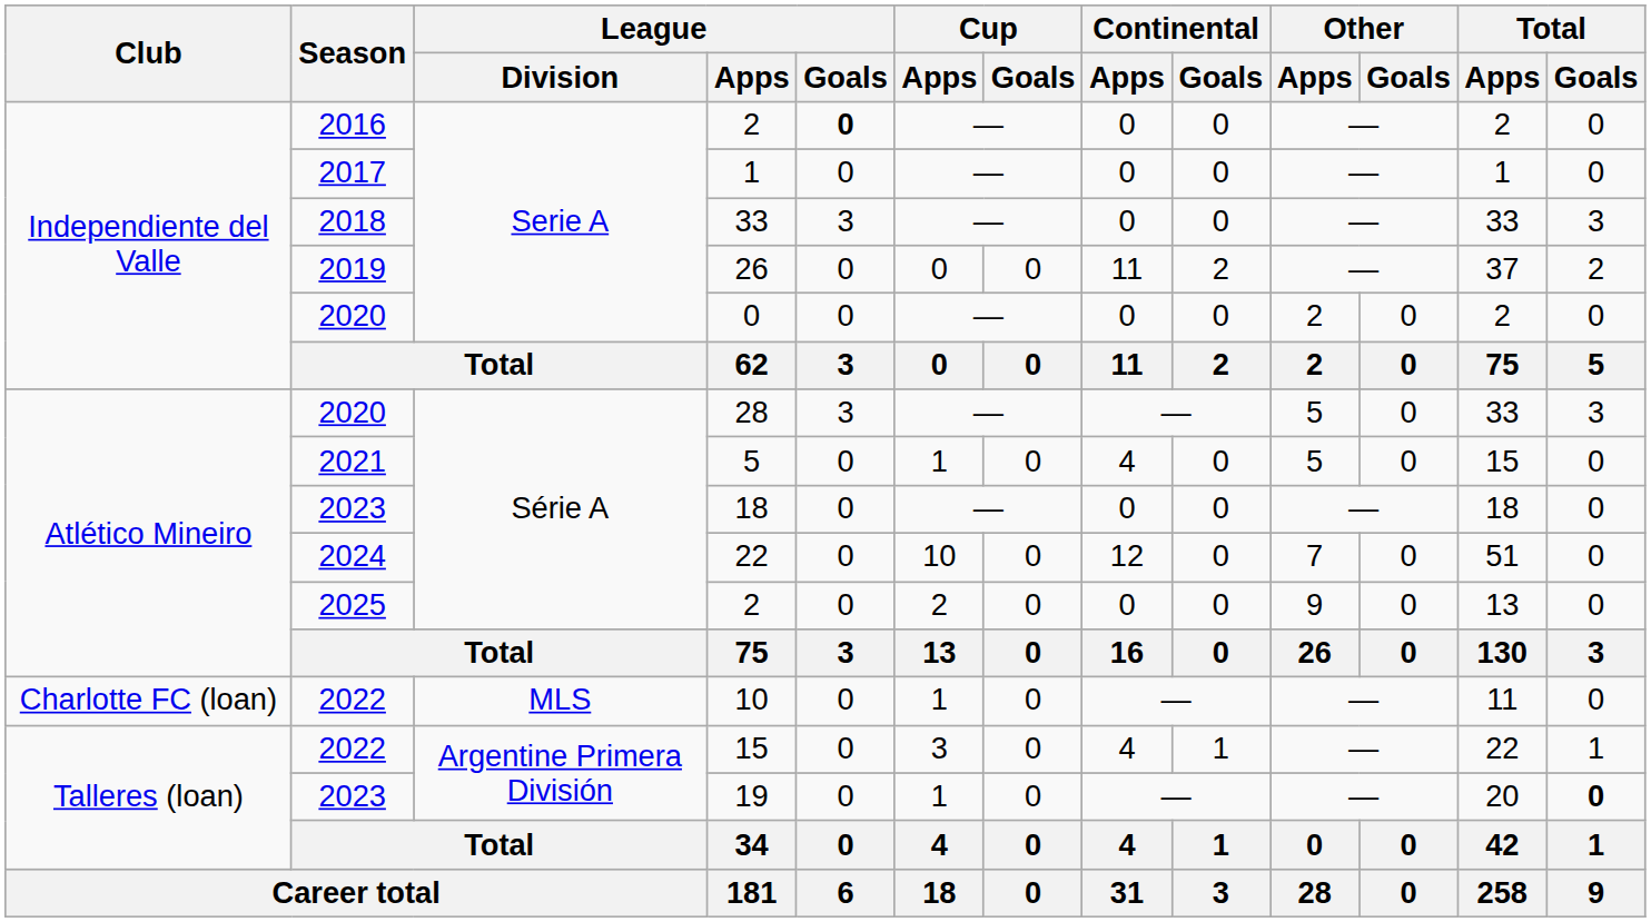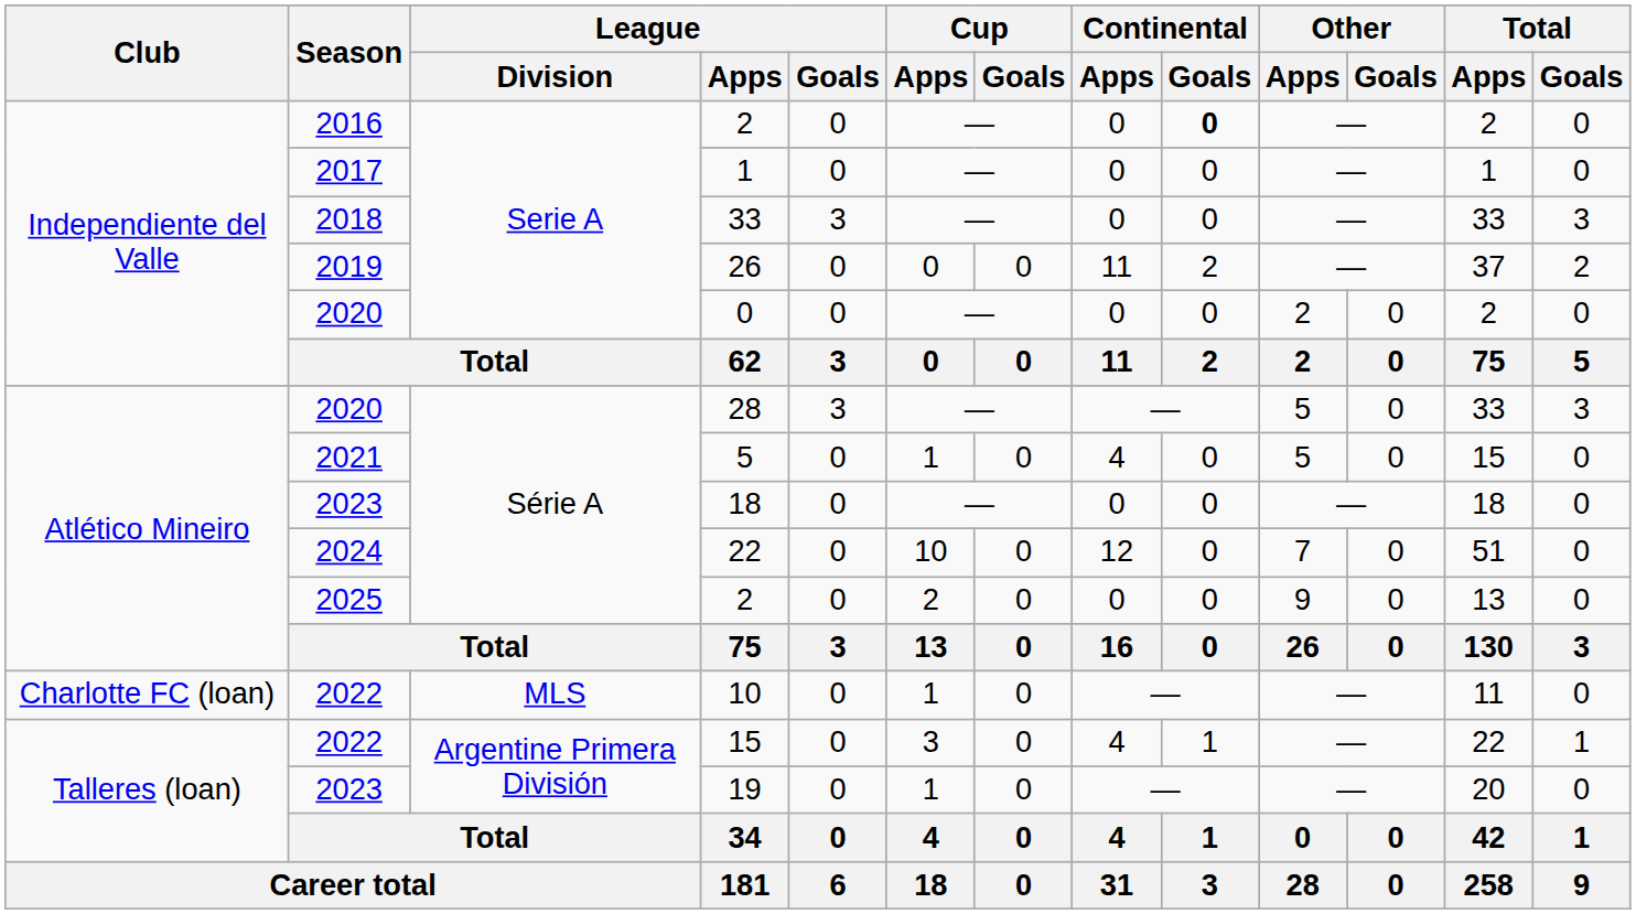 <table class="wikitable" style="text-align:center">
 <tr>
 <th rowspan="2">Club</th>
 <th rowspan="2">Season</th>
 <th colspan="3">League</th>
 <th colspan="2">Cup</th>
 <th colspan="2">Continental</th>
 <th colspan="2">Other</th>
 <th colspan="2">Total</th>
 </tr>
 <tr>
 <th>Division</th>
 <th>Apps</th>
 <th>Goals</th>
 <th>Apps</th>
 <th>Goals</th>
 <th>Apps</th>
 <th>Goals</th>
 <th>Apps</th>
 <th>Goals</th>
 <th>Apps</th>
 <th>Goals</th>
 </tr>
 <tr>
 <td rowspan=6><a href='#'>Independiente del Valle</a></td>
 <td><a href='#'>2016</a></td>
 <td rowspan=5><a href='#'>Serie A</a></td>
 <td>2</td>
-<td><strong>0</strong></td>
+<td>0</td>
 <td colspan="2">—</td>
 <td>0</td>
-<td>0</td>
+<td><strong>0</strong></td>
 <td colspan="2">—</td>
 <td>2</td>
 <td>0</td>
 </tr>
 <tr>
 <td><a href='#'>2017</a></td>
 <td>1</td>
 <td>0</td>
 <td colspan="2">—</td>
 <td>0</td>
 <td>0</td>
 <td colspan="2">—</td>
 <td>1</td>
 <td>0</td>
 </tr>
 <tr>
 <td><a href='#'>2018</a></td>
 <td>33</td>
 <td>3</td>
 <td colspan="2">—</td>
 <td>0</td>
 <td>0</td>
 <td colspan="2">—</td>
 <td>33</td>
 <td>3</td>
 </tr>
 <tr>
 <td><a href='#'>2019</a></td>
 <td>26</td>
 <td>0</td>
 <td>0</td>
 <td>0</td>
 <td>11</td>
 <td>2</td>
 <td colspan="2">—</td>
 <td>37</td>
 <td>2</td>
 </tr>
 <tr>
 <td><a href='#'>2020</a></td>
 <td>0</td>
 <td>0</td>
 <td colspan="2">—</td>
 <td>0</td>
 <td>0</td>
 <td>2</td>
 <td>0</td>
 <td>2</td>
 <td>0</td>
 </tr>
 <tr>
 <th colspan=2>Total</th>
 <th>62</th>
 <th>3</th>
 <th>0</th>
 <th>0</th>
 <th>11</th>
 <th>2</th>
 <th>2</th>
 <th>0</th>
 <th>75</th>
 <th>5</th>
 </tr>
 <tr>
 <td rowspan=6><a href='#'>Atlético Mineiro</a></td>
 <td><a href='#'>2020</a></td>
 <td rowspan=5>Série A</td>
 <td>28</td>
 <td>3</td>
 <td colspan="2">—</td>
 <td colspan="2">—</td>
 <td>5</td>
 <td>0</td>
 <td>33</td>
 <td>3</td>
 </tr>
 <tr>
 <td><a href='#'>2021</a></td>
 <td>5</td>
 <td>0</td>
 <td>1</td>
 <td>0</td>
 <td>4</td>
 <td>0</td>
 <td>5</td>
 <td>0</td>
 <td>15</td>
 <td>0</td>
 </tr>
 <tr>
 <td><a href='#'>2023</a></td>
 <td>18</td>
 <td>0</td>
 <td colspan="2">—</td>
 <td>0</td>
 <td>0</td>
 <td colspan="2">—</td>
 <td>18</td>
 <td>0</td>
 </tr>
 <tr>
 <td><a href='#'>2024</a></td>
 <td>22</td>
 <td>0</td>
 <td>10</td>
 <td>0</td>
 <td>12</td>
 <td>0</td>
 <td>7</td>
 <td>0</td>
 <td>51</td>
 <td>0</td>
 </tr>
 <tr>
 <td><a href='#'>2025</a></td>
 <td>2</td>
 <td>0</td>
 <td>2</td>
 <td>0</td>
 <td>0</td>
 <td>0</td>
 <td>9</td>
 <td>0</td>
 <td>13</td>
 <td>0</td>
 </tr>
 <tr>
 <th colspan=2>Total</th>
 <th>75</th>
 <th>3</th>
 <th>13</th>
 <th>0</th>
 <th>16</th>
 <th>0</th>
 <th>26</th>
 <th>0</th>
 <th>130</th>
 <th>3</th>
 </tr>
 <tr>
 <td><a href='#'>Charlotte FC</a> (loan)</td>
 <td><a href='#'>2022</a></td>
 <td rowspan=1><a href='#'>MLS</a></td>
 <td>10</td>
 <td>0</td>
 <td>1</td>
 <td>0</td>
 <td colspan="2">—</td>
 <td colspan="2">—</td>
 <td>11</td>
 <td>0</td>
 </tr>
 <tr>
 <td rowspan=3><a href='#'>Talleres</a> (loan)</td>
 <td><a href='#'>2022</a></td>
 <td rowspan=2><a href='#'>Argentine Primera División</a></td>
 <td>15</td>
 <td>0</td>
 <td>3</td>
 <td>0</td>
 <td>4</td>
 <td>1</td>
 <td colspan="2">—</td>
 <td>22</td>
 <td>1</td>
 </tr>
 <tr>
 <td><a href='#'>2023</a></td>
 <td>19</td>
 <td>0</td>
 <td>1</td>
 <td>0</td>
 <td colspan="2">—</td>
 <td colspan="2">—</td>
 <td>20</td>
-<td><strong>0</strong></td>
+<td>0</td>
 </tr>
 <tr>
 <th colspan=2>Total</th>
 <th>34</th>
 <th>0</th>
 <th>4</th>
 <th>0</th>
 <th>4</th>
 <th>1</th>
 <th>0</th>
 <th>0</th>
 <th>42</th>
 <th>1</th>
 </tr>
 <tr>
 <th colspan="3">Career total</th>
 <th>181</th>
 <th>6</th>
 <th>18</th>
 <th>0</th>
 <th>31</th>
 <th>3</th>
 <th>28</th>
 <th>0</th>
 <th>258</th>
 <th>9</th>
 </tr>
 </table>
